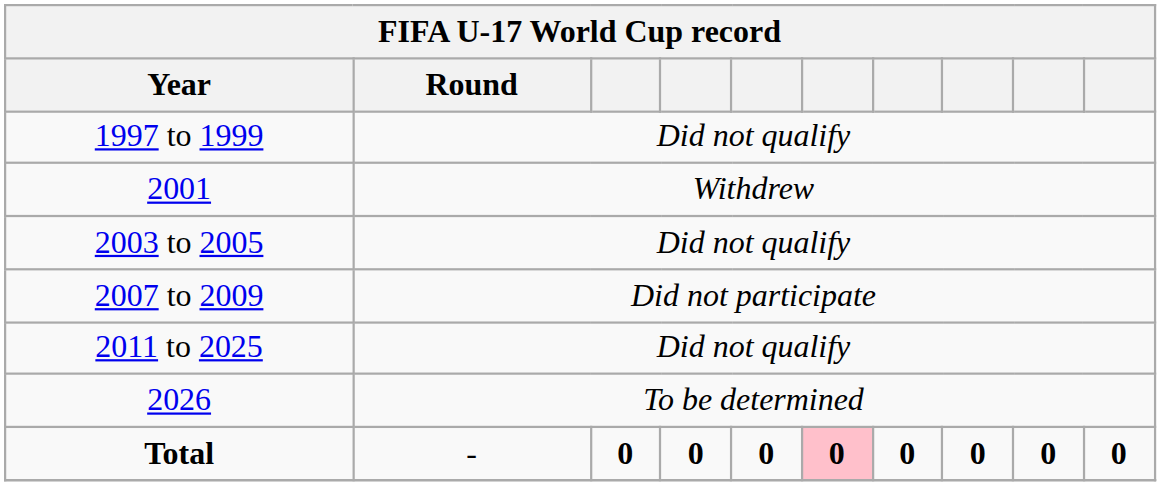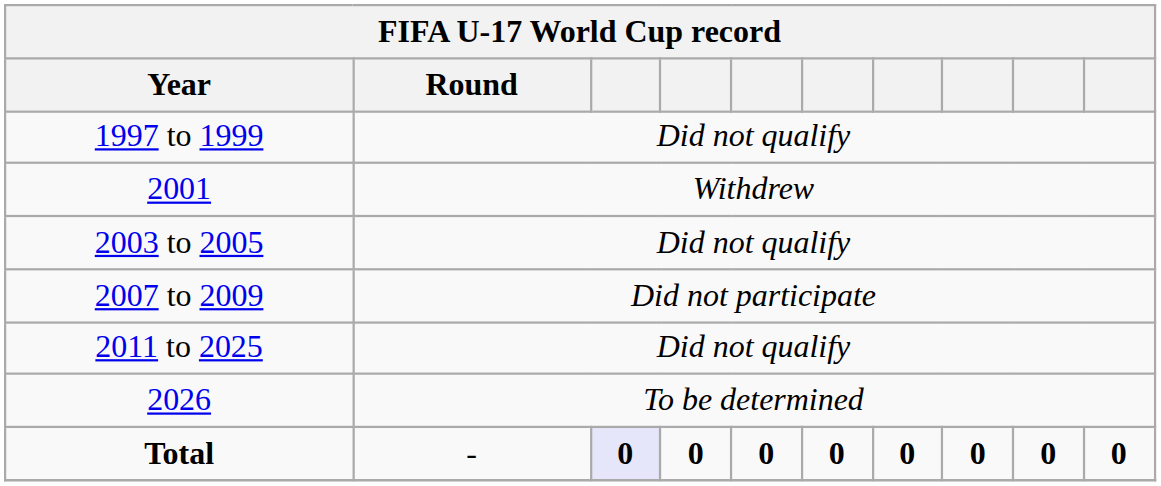 <table class="wikitable" style="text-align: center; font-size: 90%;">
 <tr>
 <th colspan=10>FIFA U-17 World Cup record</th>
 </tr>
 <tr>
 <th width=150>Year</th>
 <th width=100>Round</th>
 <th width=25></th>
 <th width=25></th>
 <th width=25></th>
 <th width=25></th>
 <th width=25></th>
 <th width=25></th>
 <th width=25></th>
 <th width=25></th>
 </tr>
 <tr>
 <td> <a href='#'>1997</a> to  <a href='#'>1999</a></td>
 <td colspan=10><em>Did not qualify</em></td>
 </tr>
 <tr>
 <td> <a href='#'>2001</a></td>
 <td colspan=10><em>Withdrew</em></td>
 </tr>
 <tr>
 <td> <a href='#'>2003</a> to  <a href='#'>2005</a></td>
 <td colspan=10><em>Did not qualify</em></td>
 </tr>
 <tr>
 <td> <a href='#'>2007</a> to  <a href='#'>2009</a></td>
 <td colspan=10><em>Did not participate</em></td>
 </tr>
 <tr>
 <td> <a href='#'>2011</a> to  <a href='#'>2025</a></td>
 <td colspan=10><em>Did not qualify</em></td>
 </tr>
 <tr>
 <td> <a href='#'>2026</a></td>
 <td colspan=10><em>To be determined</em></td>
 </tr>
 <tr>
 <td><strong>Total</strong></td>
 <td>-</td>
+<td style="background: lavender;"><strong>0</strong></td>
 <td><strong>0</strong></td>
 <td><strong>0</strong></td>
 <td><strong>0</strong></td>
-<td style="background: pink;"><strong>0</strong></td>
 <td><strong>0</strong></td>
 <td><strong>0</strong></td>
 <td><strong>0</strong></td>
 <td><strong>0</strong></td>
 </tr>
 <tr>
 </tr>
 </table>
